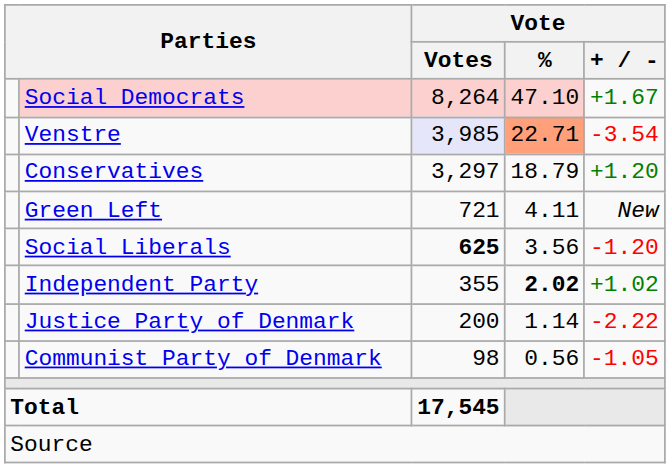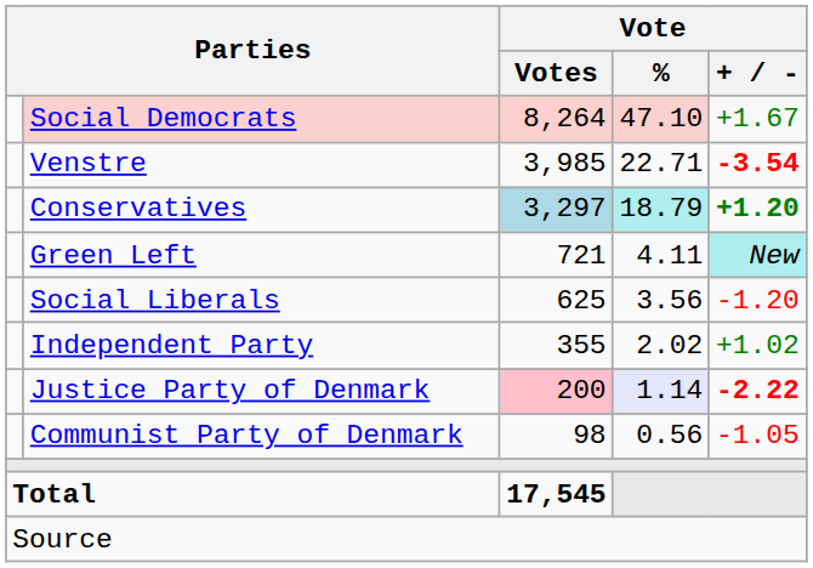 <table class="wikitable" style="text-align:right;">
 <tr>
 <th style="text-align:centre;" rowspan="2" colspan="2" width="225">Parties</th>
 <th colspan="3">Vote</th>
 </tr>
 <tr>
 <th width="15">Votes</th>
 <th width="15">%</th>
 <th width="15">+ / -</th>
 </tr>
 <tr>
 <td width="2" style="color:inherit;background:"></td>
 <td bgcolor=#fbd0ce  align="left"><a href='#'>Social Democrats</a></td>
 <td bgcolor=#fbd0ce>8,264</td>
 <td bgcolor=#fbd0ce>47.10</td>
 <td style=color:green;>+1.67</td>
 </tr>
 <tr>
 <td width="2" style="color:inherit;background:"></td>
 <td align="left"><a href='#'>Venstre</a></td>
-<td style="background: lavender;">3,985</td>
-<td style="background: lightsalmon;">22.71</td>
-<td style=color:red;>-3.54</td>
+<td>3,985</td>
+<td>22.71</td>
+<td style=color:red;><strong>-3.54</strong></td>
 </tr>
 <tr>
 <td width="2" style="color:inherit;background:"></td>
 <td align="left"><a href='#'>Conservatives</a></td>
-<td>3,297</td>
-<td>18.79</td>
-<td style=color:green;>+1.20</td>
+<td style="background: lightblue;">3,297</td>
+<td style="background: paleturquoise;">18.79</td>
+<td style=color:green;><strong>+1.20</strong></td>
 </tr>
 <tr>
 <td width="2" style="color:inherit;background:"></td>
 <td align="left"><a href='#'>Green Left</a></td>
 <td>721</td>
 <td>4.11</td>
-<td><em>New</em></td>
+<td style="background: paleturquoise;"><em>New</em></td>
 </tr>
 <tr>
 <td width="2" style="color:inherit;background:"></td>
 <td align="left"><a href='#'>Social Liberals</a></td>
-<td><strong>625</strong></td>
+<td>625</td>
 <td>3.56</td>
 <td style=color:red;>-1.20</td>
 </tr>
 <tr>
 <td width="2" style="color:inherit;background:"></td>
 <td align="left"><a href='#'>Independent Party</a></td>
 <td>355</td>
-<td><strong>2.02</strong></td>
+<td>2.02</td>
 <td style=color:green;>+1.02</td>
 </tr>
 <tr>
 <td width="2" style="color:inherit;background:"></td>
 <td align="left"><a href='#'>Justice Party of Denmark</a></td>
-<td>200</td>
-<td>1.14</td>
-<td style=color:red;>-2.22</td>
+<td style="background: pink;">200</td>
+<td style="background: lavender;">1.14</td>
+<td style=color:red;><strong>-2.22</strong></td>
 </tr>
 <tr>
 <td width="2" style="color:inherit;background:"></td>
 <td align="left"><a href='#'>Communist Party of Denmark</a></td>
 <td>98</td>
 <td>0.56</td>
 <td style=color:red;>-1.05</td>
 </tr>
 <tr>
 <td colspan="7" bgcolor="#E9E9E9"></td>
 </tr>
 <tr>
 <td align="left" colspan="2"><strong>Total</strong></td>
 <td><strong>17,545</strong></td>
 <td bgcolor="#E9E9E9" colspan="2"></td>
 </tr>
 <tr>
 <td align="left" colspan="6">Source</td>
 </tr>
 </table>
